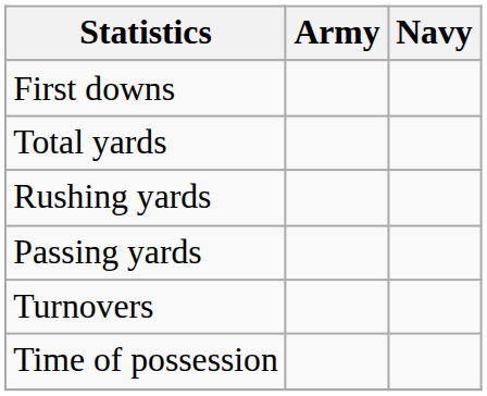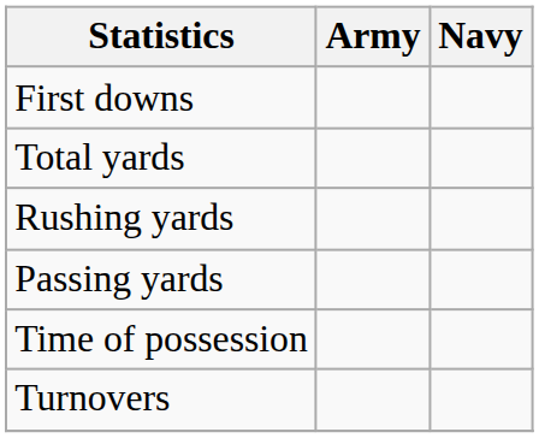 <table class="wikitable" style="float: left;">
 <tr>
 <th>Statistics</th>
 <th>Army</th>
 <th>Navy</th>
 </tr>
 <tr>
 <td>First downs</td>
 <td></td>
 <td></td>
 </tr>
 <tr>
 <td>Total yards</td>
 <td></td>
 <td></td>
 </tr>
 <tr>
 <td>Rushing yards</td>
 <td></td>
 <td></td>
 </tr>
 <tr>
 <td>Passing yards</td>
 <td></td>
 <td></td>
 </tr>
 <tr>
-<td>Turnovers</td>
+<td>Time of possession</td>
 <td></td>
 <td></td>
 </tr>
 <tr>
-<td>Time of possession</td>
+<td>Turnovers</td>
 <td></td>
 <td></td>
 </tr>
 <tr>
 </tr>
 </table>
